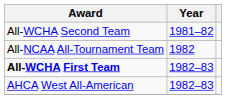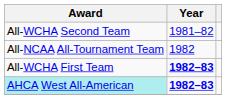 <table class="wikitable">
 <tr>
 <th>Award</th>
 <th>Year</th>
 <th></th>
 </tr>
 <tr>
 <td>All-<a href='#'>WCHA</a> <a href='#'>Second Team</a></td>
 <td><a href='#'>1981–82</a></td>
 <td></td>
 </tr>
 <tr>
 <td>All-<a href='#'>NCAA</a> <a href='#'>All-Tournament Team</a></td>
 <td><a href='#'>1982</a></td>
 <td></td>
 </tr>
 <tr>
-<td><strong>All-<a href='#'>WCHA</a> <a href='#'>First Team</a></strong></td>
-<td><a href='#'>1982–83</a></td>
+<td>All-<a href='#'>WCHA</a> <a href='#'>First Team</a></td>
+<td><strong><a href='#'>1982–83</a></strong></td>
 <td></td>
 </tr>
 <tr>
-<td><a href='#'>AHCA</a> <a href='#'>West All-American</a></td>
-<td><a href='#'>1982–83</a></td>
+<td style="background: paleturquoise;"><a href='#'>AHCA</a> <a href='#'>West All-American</a></td>
+<td><strong><a href='#'>1982–83</a></strong></td>
 <td></td>
 </tr>
 <tr>
 </tr>
 </table>
